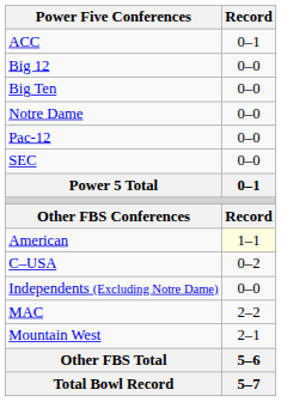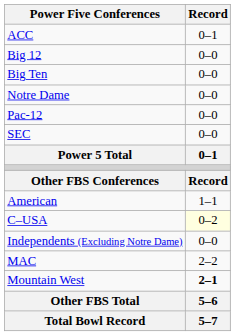 <table class="wikitable">
 <tr>
 <th>Power Five Conferences</th>
 <th>Record</th>
 </tr>
 <tr>
 <td><a href='#'>ACC</a></td>
 <td align=center>0–1</td>
 </tr>
 <tr>
 <td><a href='#'>Big 12</a></td>
 <td align=center>0–0</td>
 </tr>
 <tr>
 <td><a href='#'>Big Ten</a></td>
 <td align=center>0–0</td>
 </tr>
 <tr>
 <td><a href='#'>Notre Dame</a></td>
 <td align=center>0–0</td>
 </tr>
 <tr>
 <td><a href='#'>Pac-12</a></td>
 <td align=center>0–0</td>
 </tr>
 <tr>
 <td><a href='#'>SEC</a></td>
 <td align=center>0–0</td>
 </tr>
 <tr>
 <th>Power 5 Total</th>
 <th>0–1</th>
 </tr>
 <tr>
 <th colspan="2" style="background:lightgrey;"></th>
 </tr>
 <tr>
 <th>Other FBS Conferences</th>
 <th>Record</th>
 </tr>
 <tr>
 <td><a href='#'>American</a></td>
-<td align=center style="background: lightyellow;">1–1</td>
+<td align=center>1–1</td>
 </tr>
 <tr>
 <td><a href='#'>C–USA</a></td>
-<td align=center>0–2</td>
+<td align=center style="background: lightyellow;">0–2</td>
 </tr>
 <tr>
 <td><a href='#'>Independents <small>(Excluding Notre Dame)</small></a></td>
 <td align=center>0–0</td>
 </tr>
 <tr>
 <td><a href='#'>MAC</a></td>
 <td align=center>2–2</td>
 </tr>
 <tr>
 <td><a href='#'>Mountain West</a></td>
-<td align=center>2–1</td>
+<td align=center><strong>2–1</strong></td>
 </tr>
 <tr>
 <th>Other FBS Total</th>
 <th>5–6</th>
 </tr>
 <tr>
 <th>Total Bowl Record</th>
 <th>5–7</th>
 </tr>
 </table>
